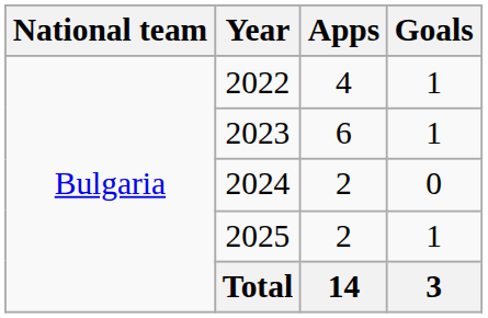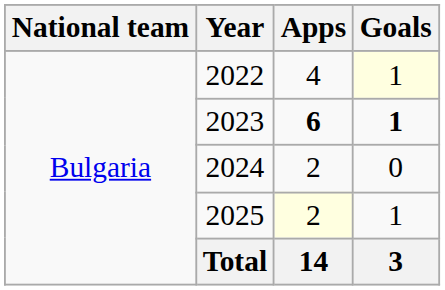 <table class="wikitable" style="text-align:center">
 <tr>
 <th>National team</th>
 <th>Year</th>
 <th>Apps</th>
 <th>Goals</th>
 </tr>
 <tr>
 <td rowspan="5"><a href='#'>Bulgaria</a></td>
 <td>2022</td>
 <td>4</td>
-<td>1</td>
+<td style="background: lightyellow;">1</td>
 </tr>
 <tr>
 <td>2023</td>
-<td>6</td>
-<td>1</td>
+<td><strong>6</strong></td>
+<td><strong>1</strong></td>
 </tr>
 <tr>
 <td>2024</td>
 <td>2</td>
 <td>0</td>
 </tr>
 <tr>
 <td>2025</td>
-<td>2</td>
+<td style="background: lightyellow;">2</td>
 <td>1</td>
 </tr>
 <tr>
 <th>Total</th>
 <th>14</th>
 <th>3</th>
 </tr>
 </table>
